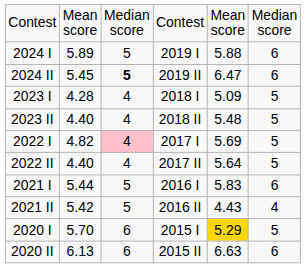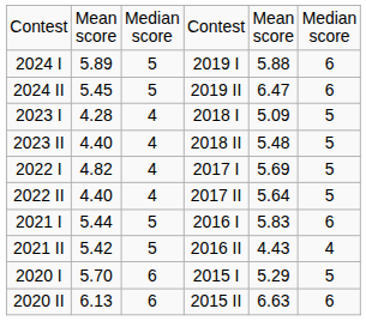 <table class="wikitable" style="margin:1em auto; text-align:center;">
 <tr>
 <td>Contest</td>
 <td>Mean<br>score</td>
 <td>Median<br>score</td>
 <td>Contest</td>
 <td>Mean<br>score</td>
 <td>Median<br>score</td>
 </tr>
 <tr>
 <td>2024 I</td>
 <td>5.89</td>
 <td>5</td>
 <td>2019 I</td>
 <td>5.88</td>
 <td>6</td>
 </tr>
 <tr>
 <td>2024 II</td>
 <td>5.45</td>
-<td><strong>5</strong></td>
+<td>5</td>
 <td>2019 II</td>
 <td>6.47</td>
 <td>6</td>
 </tr>
 <tr>
 <td>2023 I</td>
 <td>4.28</td>
 <td>4</td>
 <td>2018 I</td>
 <td>5.09</td>
 <td>5</td>
 </tr>
 <tr>
 <td>2023 II</td>
 <td>4.40</td>
 <td>4</td>
 <td>2018 II</td>
 <td>5.48</td>
 <td>5</td>
 </tr>
 <tr>
 <td>2022 I</td>
 <td>4.82</td>
-<td style="background: pink;">4</td>
+<td>4</td>
 <td>2017 I</td>
 <td>5.69</td>
 <td>5</td>
 </tr>
 <tr>
 <td>2022 II</td>
 <td>4.40</td>
 <td>4</td>
 <td>2017 II</td>
 <td>5.64</td>
 <td>5</td>
 </tr>
 <tr>
 <td>2021 I</td>
 <td>5.44</td>
 <td>5</td>
 <td>2016 I</td>
 <td>5.83</td>
 <td>6</td>
 </tr>
 <tr>
 <td>2021 II</td>
 <td>5.42</td>
 <td>5</td>
 <td>2016 II</td>
 <td>4.43</td>
 <td>4</td>
 </tr>
 <tr>
 <td>2020 I</td>
 <td>5.70</td>
 <td>6</td>
 <td>2015 I</td>
-<td style="background: gold;">5.29</td>
+<td>5.29</td>
 <td>5</td>
 </tr>
 <tr>
 <td>2020 II</td>
 <td>6.13</td>
 <td>6</td>
 <td>2015 II</td>
 <td>6.63</td>
 <td>6</td>
 </tr>
 </table>
